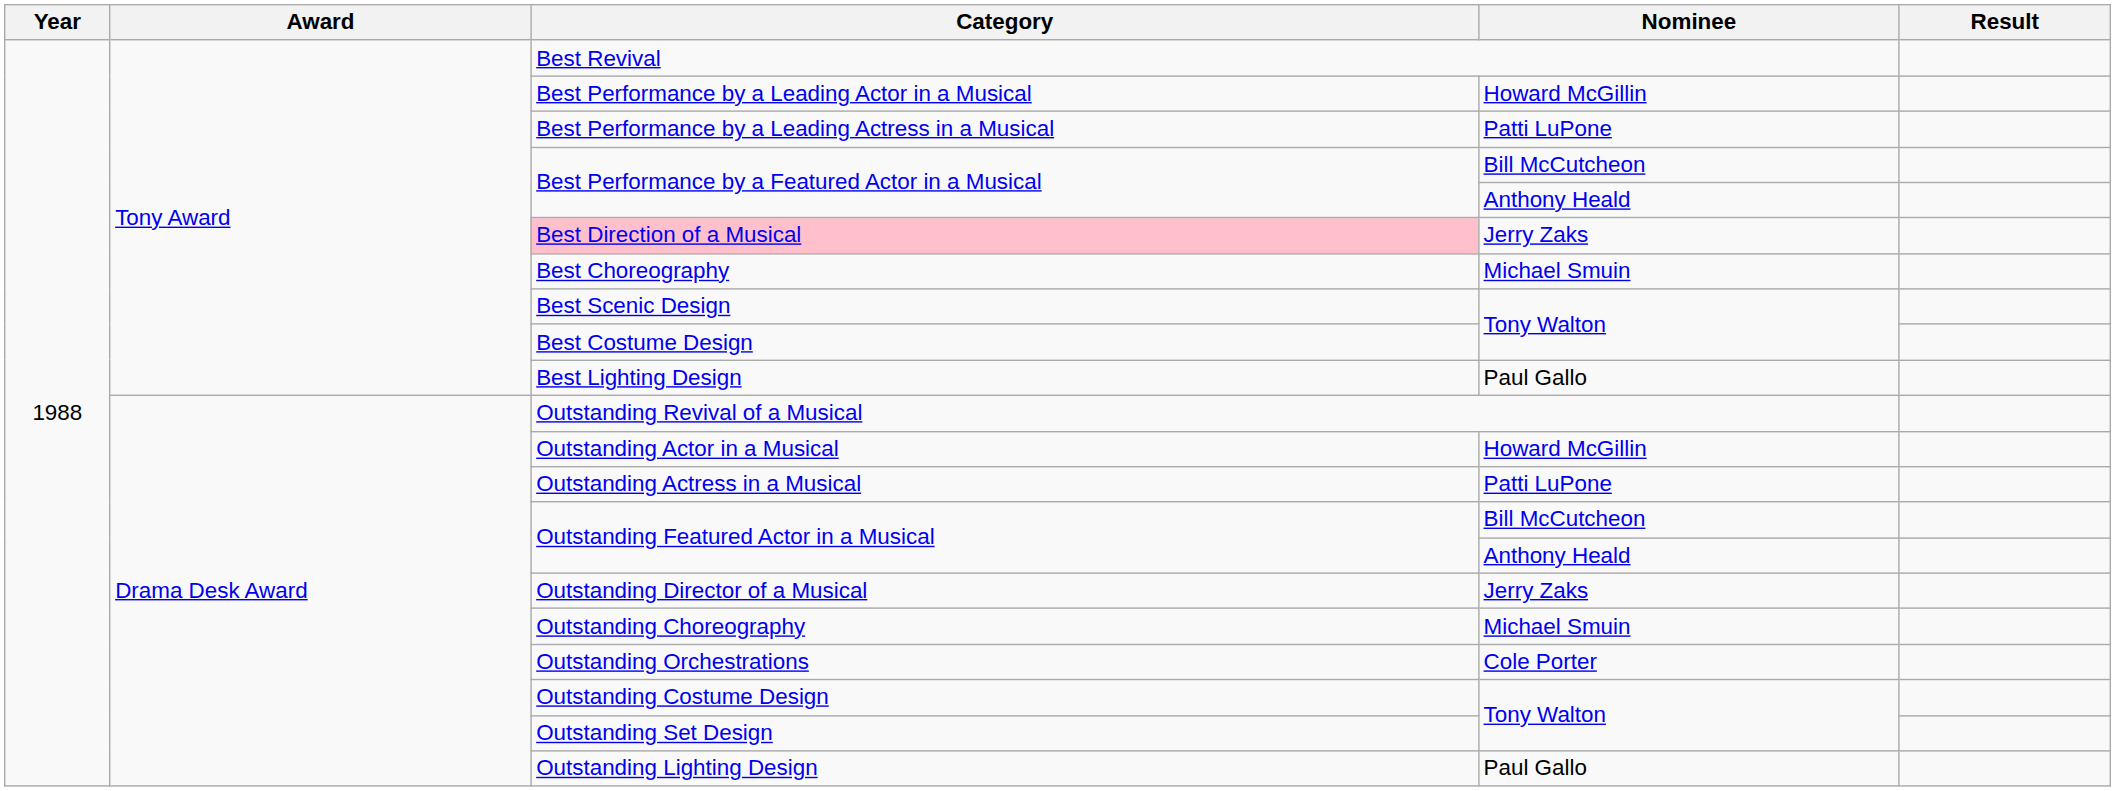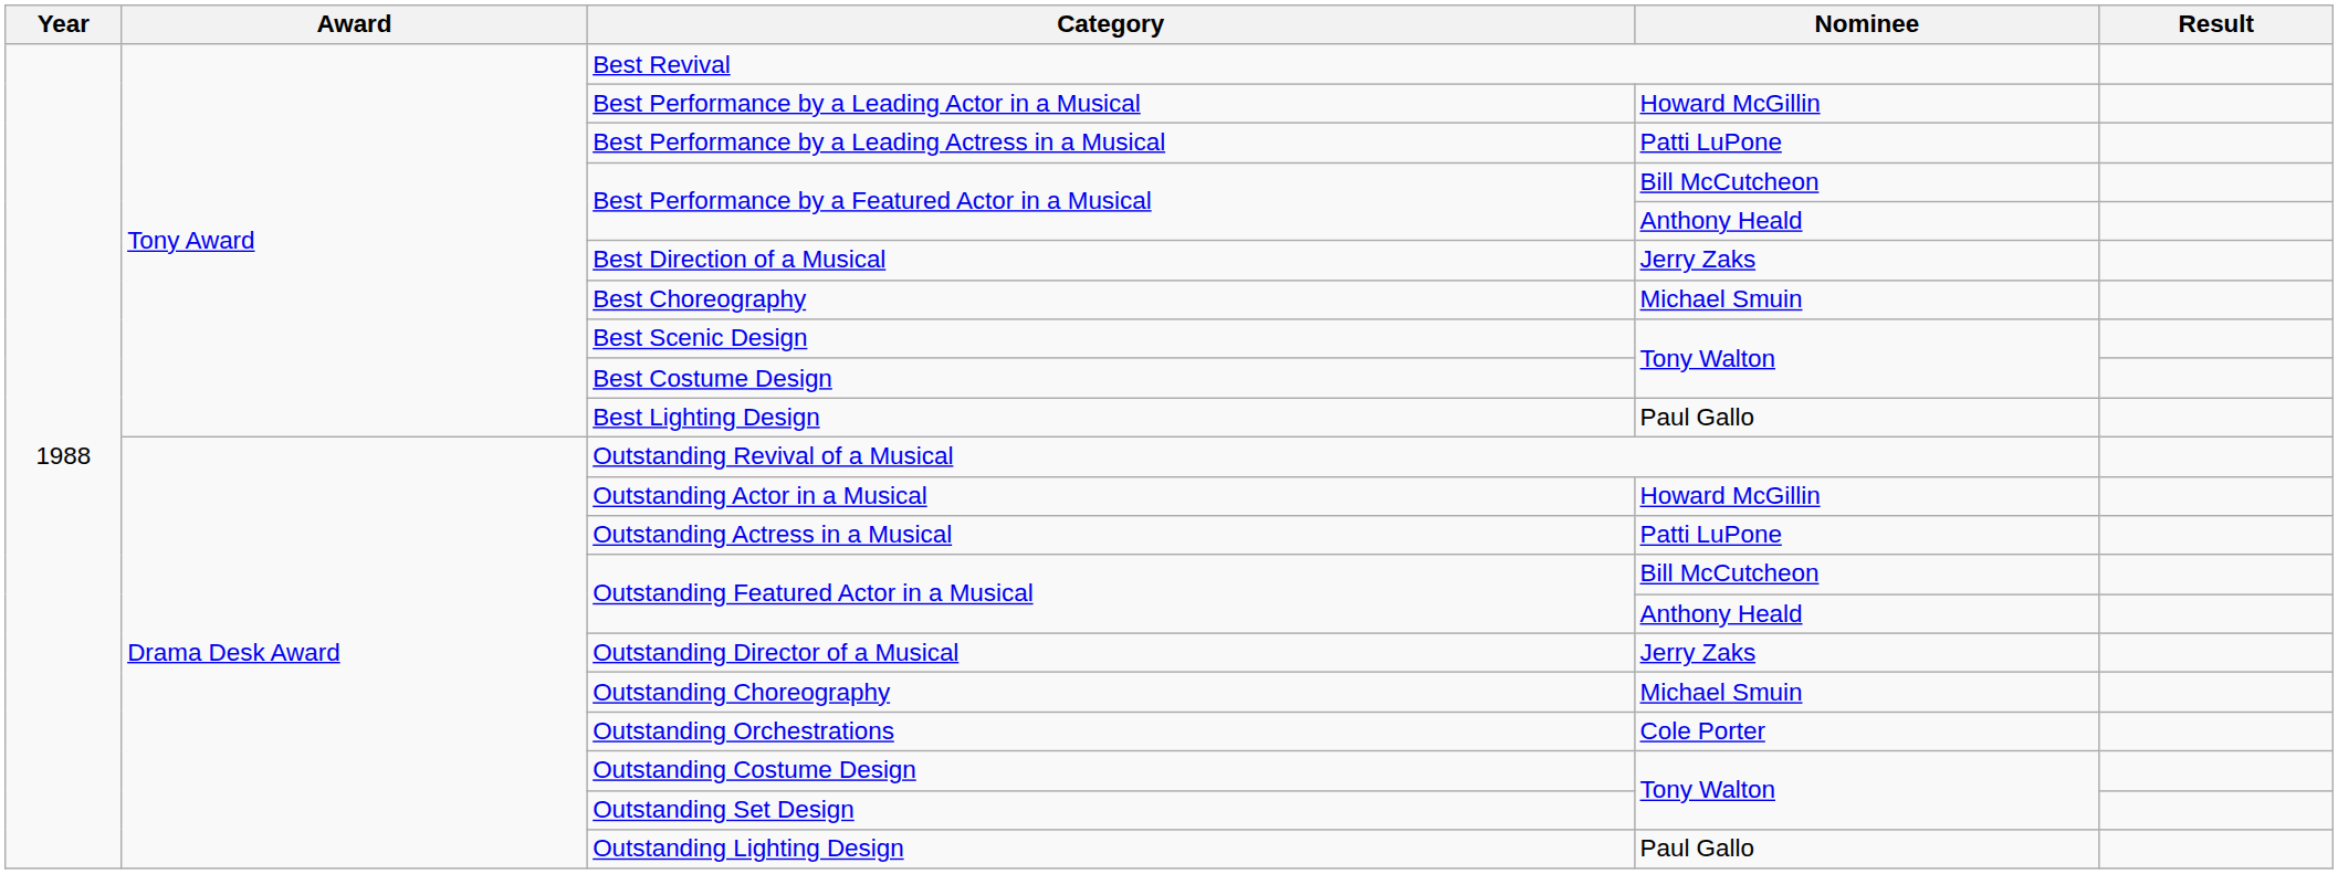 <table class="wikitable" width="95%">
 <tr>
 <th width="5%">Year</th>
 <th width="20%">Award</th>
 <th width="45%">Category</th>
 <th width="20%">Nominee</th>
 <th width="10%">Result</th>
 </tr>
 <tr>
 <td rowspan="21" align="center">1988</td>
 <td rowspan="10"><a href='#'>Tony Award</a></td>
 <td colspan="2"><a href='#'>Best Revival</a></td>
 <td></td>
 </tr>
 <tr>
 <td><a href='#'>Best Performance by a Leading Actor in a Musical</a></td>
 <td><a href='#'>Howard McGillin</a></td>
 <td></td>
 </tr>
 <tr>
 <td><a href='#'>Best Performance by a Leading Actress in a Musical</a></td>
 <td><a href='#'>Patti LuPone</a></td>
 <td></td>
 </tr>
 <tr>
 <td rowspan="2"><a href='#'>Best Performance by a Featured Actor in a Musical</a></td>
 <td><a href='#'>Bill McCutcheon</a></td>
 <td></td>
 </tr>
 <tr>
 <td><a href='#'>Anthony Heald</a></td>
 <td></td>
 </tr>
 <tr>
-<td style="background: pink;"><a href='#'>Best Direction of a Musical</a></td>
+<td><a href='#'>Best Direction of a Musical</a></td>
 <td><a href='#'>Jerry Zaks</a></td>
 <td></td>
 </tr>
 <tr>
 <td><a href='#'>Best Choreography</a></td>
 <td><a href='#'>Michael Smuin</a></td>
 <td></td>
 </tr>
 <tr>
 <td><a href='#'>Best Scenic Design</a></td>
 <td rowspan="2"><a href='#'>Tony Walton</a></td>
 <td></td>
 </tr>
 <tr>
 <td><a href='#'>Best Costume Design</a></td>
 <td></td>
 </tr>
 <tr>
 <td><a href='#'>Best Lighting Design</a></td>
 <td>Paul Gallo</td>
 <td></td>
 </tr>
 <tr>
 <td rowspan="11"><a href='#'>Drama Desk Award</a></td>
 <td colspan="2"><a href='#'>Outstanding Revival of a Musical</a></td>
 <td></td>
 </tr>
 <tr>
 <td><a href='#'>Outstanding Actor in a Musical</a></td>
 <td><a href='#'>Howard McGillin</a></td>
 <td></td>
 </tr>
 <tr>
 <td><a href='#'>Outstanding Actress in a Musical</a></td>
 <td><a href='#'>Patti LuPone</a></td>
 <td></td>
 </tr>
 <tr>
 <td rowspan="2"><a href='#'>Outstanding Featured Actor in a Musical</a></td>
 <td><a href='#'>Bill McCutcheon</a></td>
 <td></td>
 </tr>
 <tr>
 <td><a href='#'>Anthony Heald</a></td>
 <td></td>
 </tr>
 <tr>
 <td><a href='#'>Outstanding Director of a Musical</a></td>
 <td><a href='#'>Jerry Zaks</a></td>
 <td></td>
 </tr>
 <tr>
 <td><a href='#'>Outstanding Choreography</a></td>
 <td><a href='#'>Michael Smuin</a></td>
 <td></td>
 </tr>
 <tr>
 <td><a href='#'>Outstanding Orchestrations</a></td>
 <td><a href='#'>Cole Porter</a></td>
 <td></td>
 </tr>
 <tr>
 <td><a href='#'>Outstanding Costume Design</a></td>
 <td rowspan="2"><a href='#'>Tony Walton</a></td>
 <td></td>
 </tr>
 <tr>
 <td><a href='#'>Outstanding Set Design</a></td>
 <td></td>
 </tr>
 <tr>
 <td><a href='#'>Outstanding Lighting Design</a></td>
 <td>Paul Gallo</td>
 <td></td>
 </tr>
 </table>
